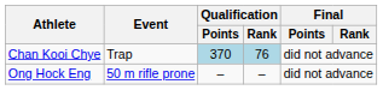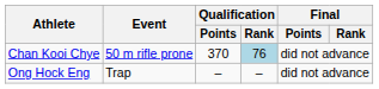 <table class="wikitable" style="font-size:90%;">
 <tr>
 <th rowspan=2>Athlete</th>
 <th rowspan=2>Event</th>
 <th colspan=2>Qualification</th>
 <th colspan=2>Final</th>
 </tr>
 <tr style="font-size:95%">
 <th>Points</th>
 <th>Rank</th>
 <th>Points</th>
 <th>Rank</th>
 </tr>
 <tr align=center>
 <td align=left><a href='#'>Chan Kooi Chye</a></td>
-<td align=left>Trap</td>
-<td style="background: lightblue;">370</td>
+<td align=left><a href='#'>50 m rifle prone</a></td>
+<td>370</td>
 <td style="background: lightblue;">76</td>
 <td colspan=2>did not advance</td>
 </tr>
 <tr align=center>
 <td align=left><a href='#'>Ong Hock Eng</a></td>
-<td align=left><a href='#'>50 m rifle prone</a></td>
+<td align=left>Trap</td>
 <td>–</td>
 <td>–</td>
 <td colspan=2>did not advance</td>
 </tr>
 </table>
